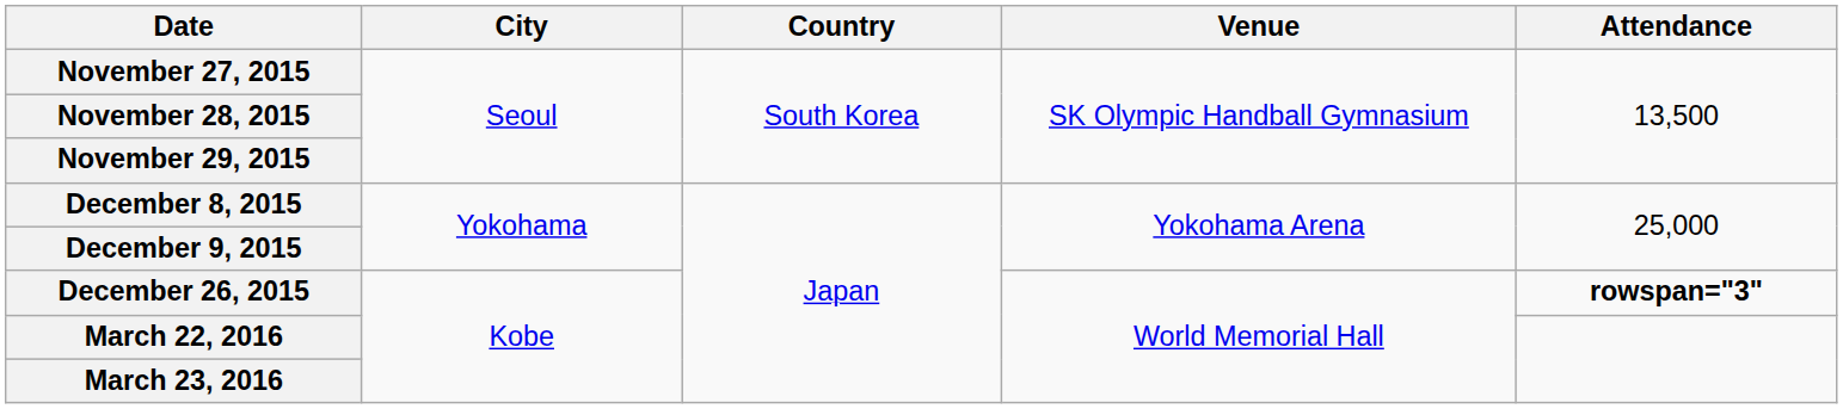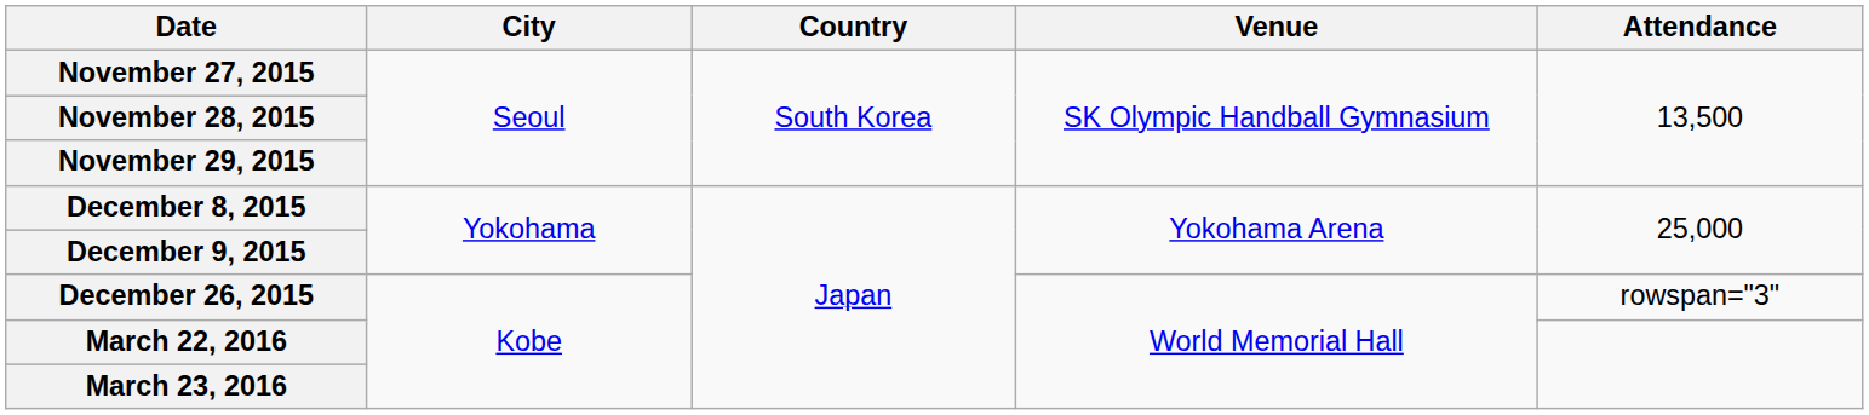 <table class="wikitable plainrowheaders" style="text-align:center;">
 <tr>
 <th scope="col" style="width:12.3em;">Date</th>
 <th scope="col" style="width:11em;">City</th>
 <th scope="col" style="width:11em;">Country</th>
 <th scope="col" style="width:18em;">Venue</th>
 <th scope="col" style="width:11em;">Attendance</th>
 </tr>
 <tr>
 <th scope="row" style="text-align:center;">November 27, 2015</th>
 <td rowspan="3"><a href='#'>Seoul</a></td>
 <td rowspan="3"><a href='#'>South Korea</a></td>
 <td rowspan="3"><a href='#'>SK Olympic Handball Gymnasium</a></td>
 <td rowspan="3">13,500</td>
 </tr>
 <tr>
 <th scope="row" style="text-align:center;">November 28, 2015</th>
 </tr>
 <tr>
 <th scope="row" style="text-align:center;">November 29, 2015</th>
 </tr>
 <tr>
 <th scope="row" style="text-align:center;">December 8, 2015</th>
 <td rowspan="2"><a href='#'>Yokohama</a></td>
 <td rowspan="5"><a href='#'>Japan</a></td>
 <td rowspan="2"><a href='#'>Yokohama Arena</a></td>
 <td rowspan="2">25,000</td>
 </tr>
 <tr>
 <th scope="row" style="text-align:center;">December 9, 2015</th>
 </tr>
 <tr>
 <th scope="row" style="text-align:center;">December 26, 2015</th>
 <td rowspan="3"><a href='#'>Kobe</a></td>
 <td rowspan="3"><a href='#'>World Memorial Hall</a></td>
-<td><strong>rowspan="3" </strong></td>
+<td>rowspan="3" </td>
 </tr>
 <tr>
 <th scope="row" style="text-align:center;">March 22, 2016</th>
 </tr>
 <tr>
 <th scope="row" style="text-align:center;">March 23, 2016</th>
 </tr>
 </table>
